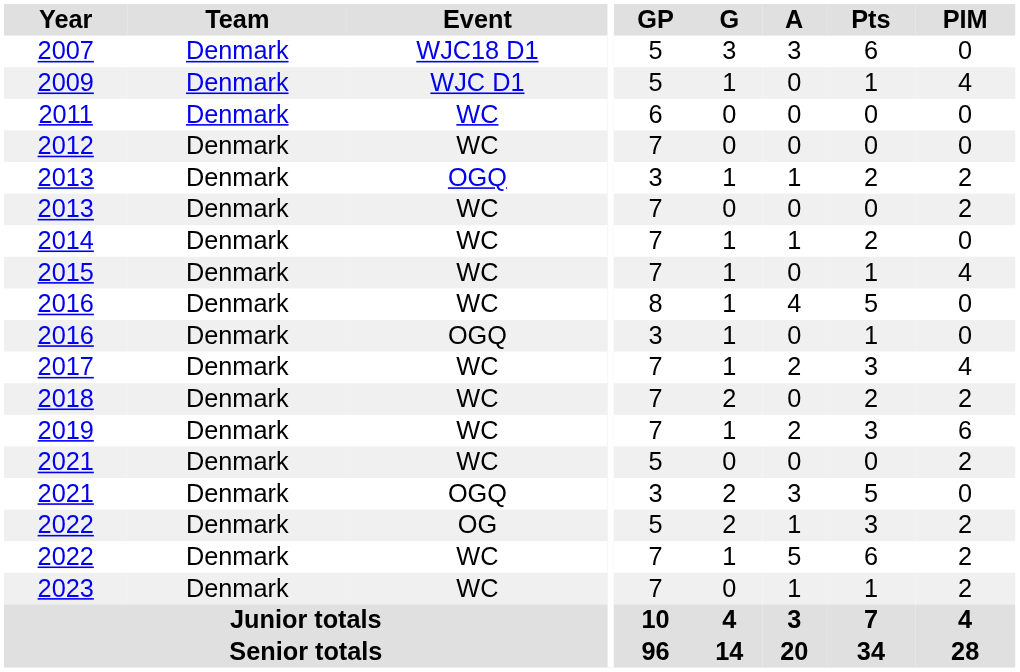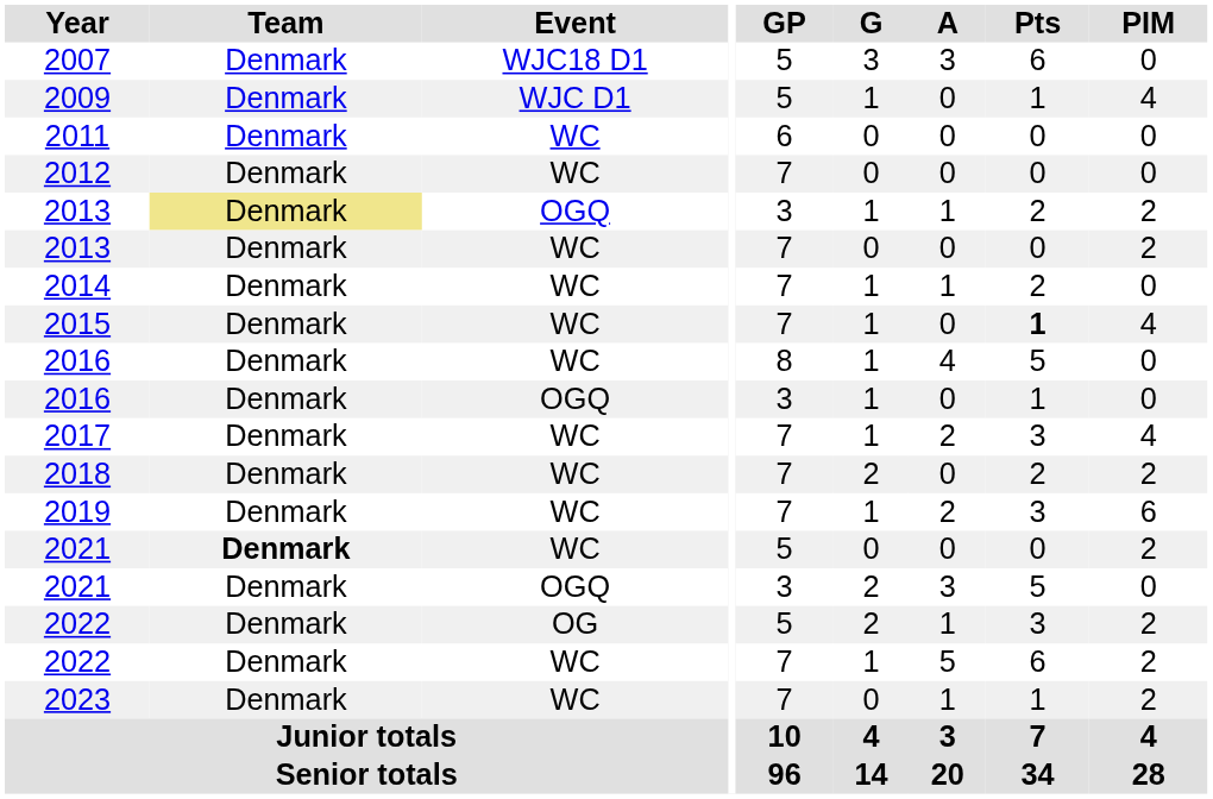 <table border="0" cellpadding="1" cellspacing="0" ID="Table3" style="text-align:center; width:40em">
 <tr ALIGN="center" bgcolor="#e0e0e0">
 <th>Year</th>
 <th>Team</th>
 <th>Event</th>
 <th rowspan="99" bgcolor="#ffffff"></th>
 <th>GP</th>
 <th>G</th>
 <th>A</th>
 <th>Pts</th>
 <th>PIM</th>
 </tr>
 <tr>
 <td><a href='#'>2007</a></td>
 <td><a href='#'>Denmark</a></td>
 <td><a href='#'>WJC18 D1</a></td>
 <td>5</td>
 <td>3</td>
 <td>3</td>
 <td>6</td>
 <td>0</td>
 </tr>
 <tr bgcolor="#f0f0f0">
 <td><a href='#'>2009</a></td>
 <td><a href='#'>Denmark</a></td>
 <td><a href='#'>WJC D1</a></td>
 <td>5</td>
 <td>1</td>
 <td>0</td>
 <td>1</td>
 <td>4</td>
 </tr>
 <tr>
 <td><a href='#'>2011</a></td>
 <td><a href='#'>Denmark</a></td>
 <td><a href='#'>WC</a></td>
 <td>6</td>
 <td>0</td>
 <td>0</td>
 <td>0</td>
 <td>0</td>
 </tr>
 <tr bgcolor="#f0f0f0">
 <td><a href='#'>2012</a></td>
 <td>Denmark</td>
 <td>WC</td>
 <td>7</td>
 <td>0</td>
 <td>0</td>
 <td>0</td>
 <td>0</td>
 </tr>
 <tr>
 <td><a href='#'>2013</a></td>
-<td>Denmark</td>
+<td style="background: khaki;">Denmark</td>
 <td><a href='#'>OGQ</a></td>
 <td>3</td>
 <td>1</td>
 <td>1</td>
 <td>2</td>
 <td>2</td>
 </tr>
 <tr bgcolor="#f0f0f0">
 <td><a href='#'>2013</a></td>
 <td>Denmark</td>
 <td>WC</td>
 <td>7</td>
 <td>0</td>
 <td>0</td>
 <td>0</td>
 <td>2</td>
 </tr>
 <tr>
 <td><a href='#'>2014</a></td>
 <td>Denmark</td>
 <td>WC</td>
 <td>7</td>
 <td>1</td>
 <td>1</td>
 <td>2</td>
 <td>0</td>
 </tr>
 <tr bgcolor="#f0f0f0">
 <td><a href='#'>2015</a></td>
 <td>Denmark</td>
 <td>WC</td>
 <td>7</td>
 <td>1</td>
 <td>0</td>
-<td>1</td>
+<td><strong>1</strong></td>
 <td>4</td>
 </tr>
 <tr>
 <td><a href='#'>2016</a></td>
 <td>Denmark</td>
 <td>WC</td>
 <td>8</td>
 <td>1</td>
 <td>4</td>
 <td>5</td>
 <td>0</td>
 </tr>
 <tr bgcolor="#f0f0f0">
 <td><a href='#'>2016</a></td>
 <td>Denmark</td>
 <td>OGQ</td>
 <td>3</td>
 <td>1</td>
 <td>0</td>
 <td>1</td>
 <td>0</td>
 </tr>
 <tr>
 <td><a href='#'>2017</a></td>
 <td>Denmark</td>
 <td>WC</td>
 <td>7</td>
 <td>1</td>
 <td>2</td>
 <td>3</td>
 <td>4</td>
 </tr>
 <tr bgcolor="#f0f0f0">
 <td><a href='#'>2018</a></td>
 <td>Denmark</td>
 <td>WC</td>
 <td>7</td>
 <td>2</td>
 <td>0</td>
 <td>2</td>
 <td>2</td>
 </tr>
 <tr>
 <td><a href='#'>2019</a></td>
 <td>Denmark</td>
 <td>WC</td>
 <td>7</td>
 <td>1</td>
 <td>2</td>
 <td>3</td>
 <td>6</td>
 </tr>
 <tr bgcolor="#f0f0f0">
 <td><a href='#'>2021</a></td>
-<td>Denmark</td>
+<td><strong>Denmark</strong></td>
 <td>WC</td>
 <td>5</td>
 <td>0</td>
 <td>0</td>
 <td>0</td>
 <td>2</td>
 </tr>
 <tr>
 <td><a href='#'>2021</a></td>
 <td>Denmark</td>
 <td>OGQ</td>
 <td>3</td>
 <td>2</td>
 <td>3</td>
 <td>5</td>
 <td>0</td>
 </tr>
 <tr bgcolor="#f0f0f0">
 <td><a href='#'>2022</a></td>
 <td>Denmark</td>
 <td>OG</td>
 <td>5</td>
 <td>2</td>
 <td>1</td>
 <td>3</td>
 <td>2</td>
 </tr>
 <tr>
 <td><a href='#'>2022</a></td>
 <td>Denmark</td>
 <td>WC</td>
 <td>7</td>
 <td>1</td>
 <td>5</td>
 <td>6</td>
 <td>2</td>
 </tr>
 <tr bgcolor="#f0f0f0">
 <td><a href='#'>2023</a></td>
 <td>Denmark</td>
 <td>WC</td>
 <td>7</td>
 <td>0</td>
 <td>1</td>
 <td>1</td>
 <td>2</td>
 </tr>
 <tr bgcolor="#e0e0e0">
 <th colspan="3">Junior totals</th>
 <th>10</th>
 <th>4</th>
 <th>3</th>
 <th>7</th>
 <th>4</th>
 </tr>
 <tr bgcolor="#e0e0e0">
 <th colspan="3">Senior totals</th>
 <th>96</th>
 <th>14</th>
 <th>20</th>
 <th>34</th>
 <th>28</th>
 </tr>
 </table>
